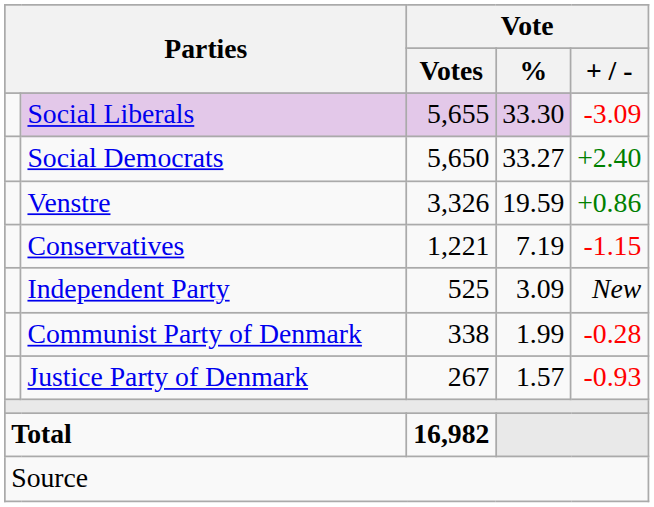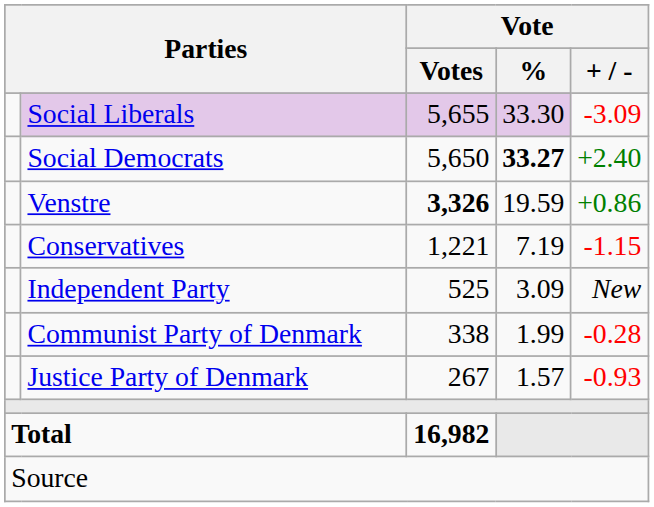 <table class="wikitable" style="text-align:right;">
 <tr>
 <th style="text-align:centre;" rowspan="2" colspan="2" width="225">Parties</th>
 <th colspan="3">Vote</th>
 </tr>
 <tr>
 <th width="15">Votes</th>
 <th width="15">%</th>
 <th width="15">+ / -</th>
 </tr>
 <tr>
 <td width="2" style="color:inherit;background:"></td>
 <td bgcolor=#e3c8e9  align="left"><a href='#'>Social Liberals</a></td>
 <td bgcolor=#e3c8e9>5,655</td>
 <td bgcolor=#e3c8e9>33.30</td>
 <td style=color:red;>-3.09</td>
 </tr>
 <tr>
 <td width="2" style="color:inherit;background:"></td>
 <td align="left"><a href='#'>Social Democrats</a></td>
 <td>5,650</td>
-<td>33.27</td>
+<td><strong>33.27</strong></td>
 <td style=color:green;>+2.40</td>
 </tr>
 <tr>
 <td width="2" style="color:inherit;background:"></td>
 <td align="left"><a href='#'>Venstre</a></td>
-<td>3,326</td>
+<td><strong>3,326</strong></td>
 <td>19.59</td>
 <td style=color:green;>+0.86</td>
 </tr>
 <tr>
 <td width="2" style="color:inherit;background:"></td>
 <td align="left"><a href='#'>Conservatives</a></td>
 <td>1,221</td>
 <td>7.19</td>
 <td style=color:red;>-1.15</td>
 </tr>
 <tr>
 <td width="2" style="color:inherit;background:"></td>
 <td align="left"><a href='#'>Independent Party</a></td>
 <td>525</td>
 <td>3.09</td>
 <td><em>New</em></td>
 </tr>
 <tr>
 <td width="2" style="color:inherit;background:"></td>
 <td align="left"><a href='#'>Communist Party of Denmark</a></td>
 <td>338</td>
 <td>1.99</td>
 <td style=color:red;>-0.28</td>
 </tr>
 <tr>
 <td width="2" style="color:inherit;background:"></td>
 <td align="left"><a href='#'>Justice Party of Denmark</a></td>
 <td>267</td>
 <td>1.57</td>
 <td style=color:red;>-0.93</td>
 </tr>
 <tr>
 <td colspan="7" bgcolor="#E9E9E9"></td>
 </tr>
 <tr>
 <td align="left" colspan="2"><strong>Total</strong></td>
 <td><strong>16,982</strong></td>
 <td bgcolor="#E9E9E9" colspan="2"></td>
 </tr>
 <tr>
 <td align="left" colspan="6">Source</td>
 </tr>
 </table>
